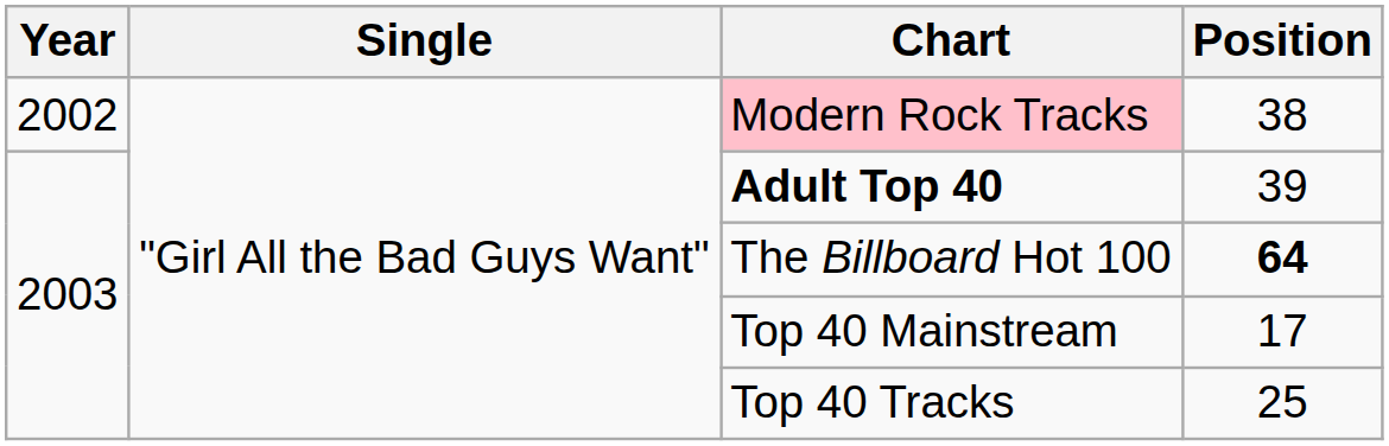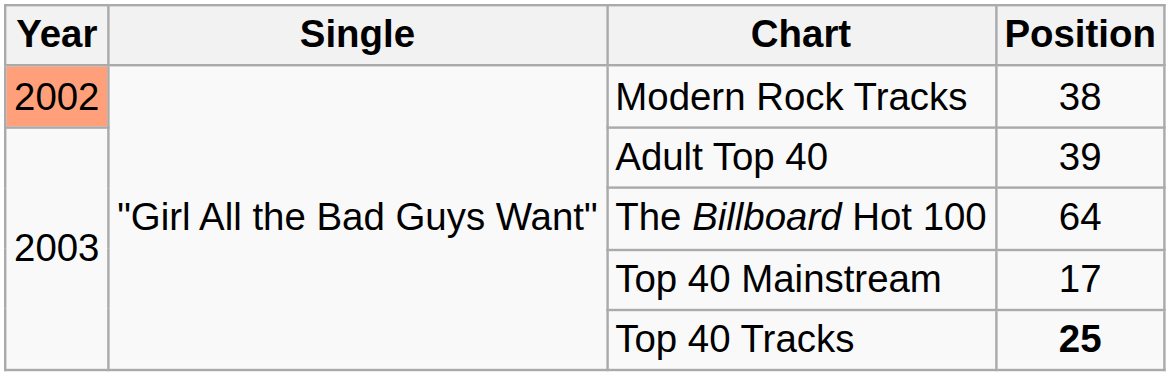 <table class="wikitable">
 <tr>
 <th>Year</th>
 <th>Single</th>
 <th>Chart</th>
 <th>Position</th>
 </tr>
 <tr>
-<td>2002</td>
+<td style="background: lightsalmon;">2002</td>
 <td rowspan="5">"Girl All the Bad Guys Want"</td>
-<td style="background: pink;">Modern Rock Tracks</td>
+<td>Modern Rock Tracks</td>
 <td align="center">38</td>
 </tr>
 <tr>
 <td rowspan="4">2003</td>
-<td><strong>Adult Top 40</strong></td>
+<td>Adult Top 40</td>
 <td align="center">39</td>
 </tr>
 <tr>
 <td>The <em>Billboard</em> Hot 100</td>
-<td align="center"><strong>64</strong></td>
+<td align="center">64</td>
 </tr>
 <tr>
 <td>Top 40 Mainstream</td>
 <td align="center">17</td>
 </tr>
 <tr>
 <td>Top 40 Tracks</td>
-<td align="center">25</td>
+<td align="center"><strong>25</strong></td>
 </tr>
 </table>
